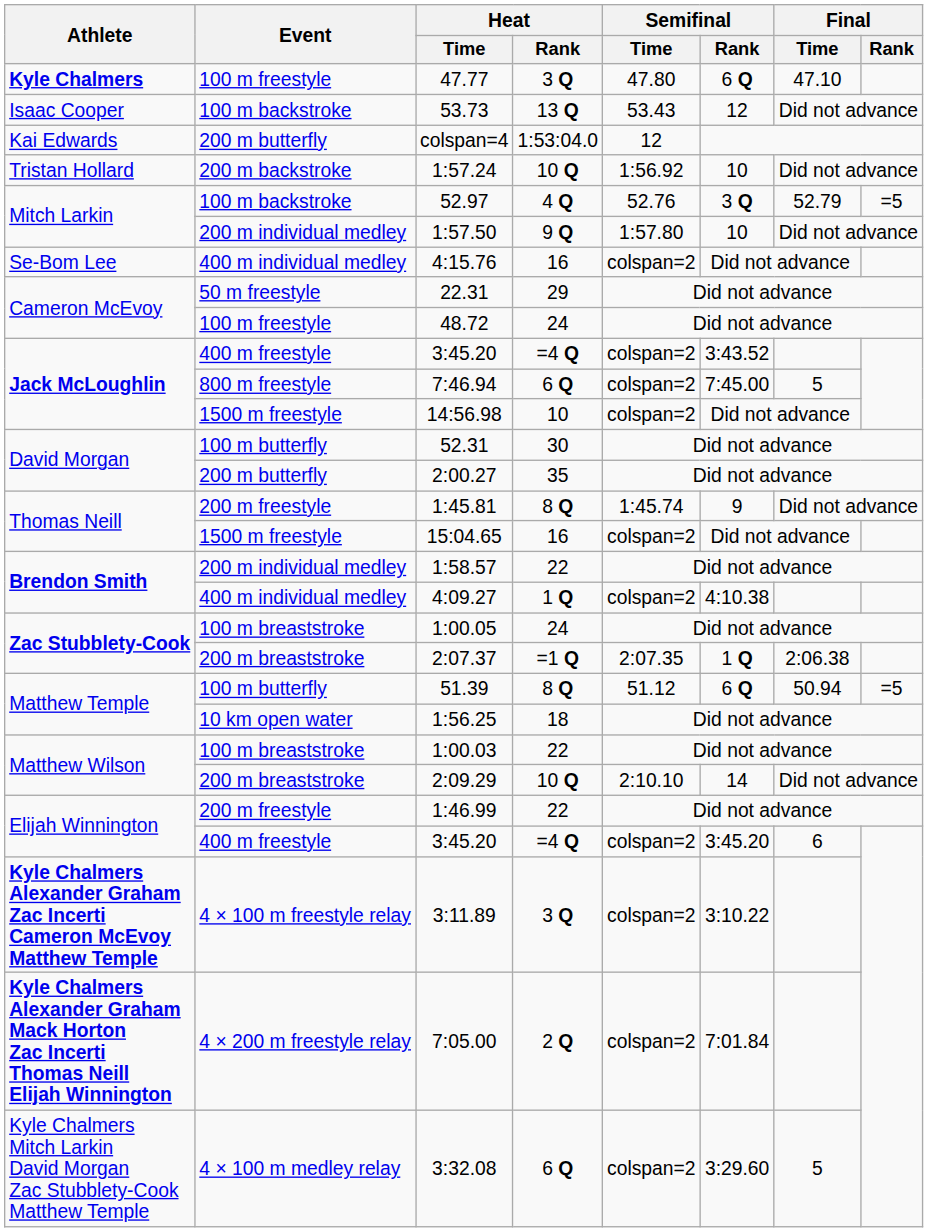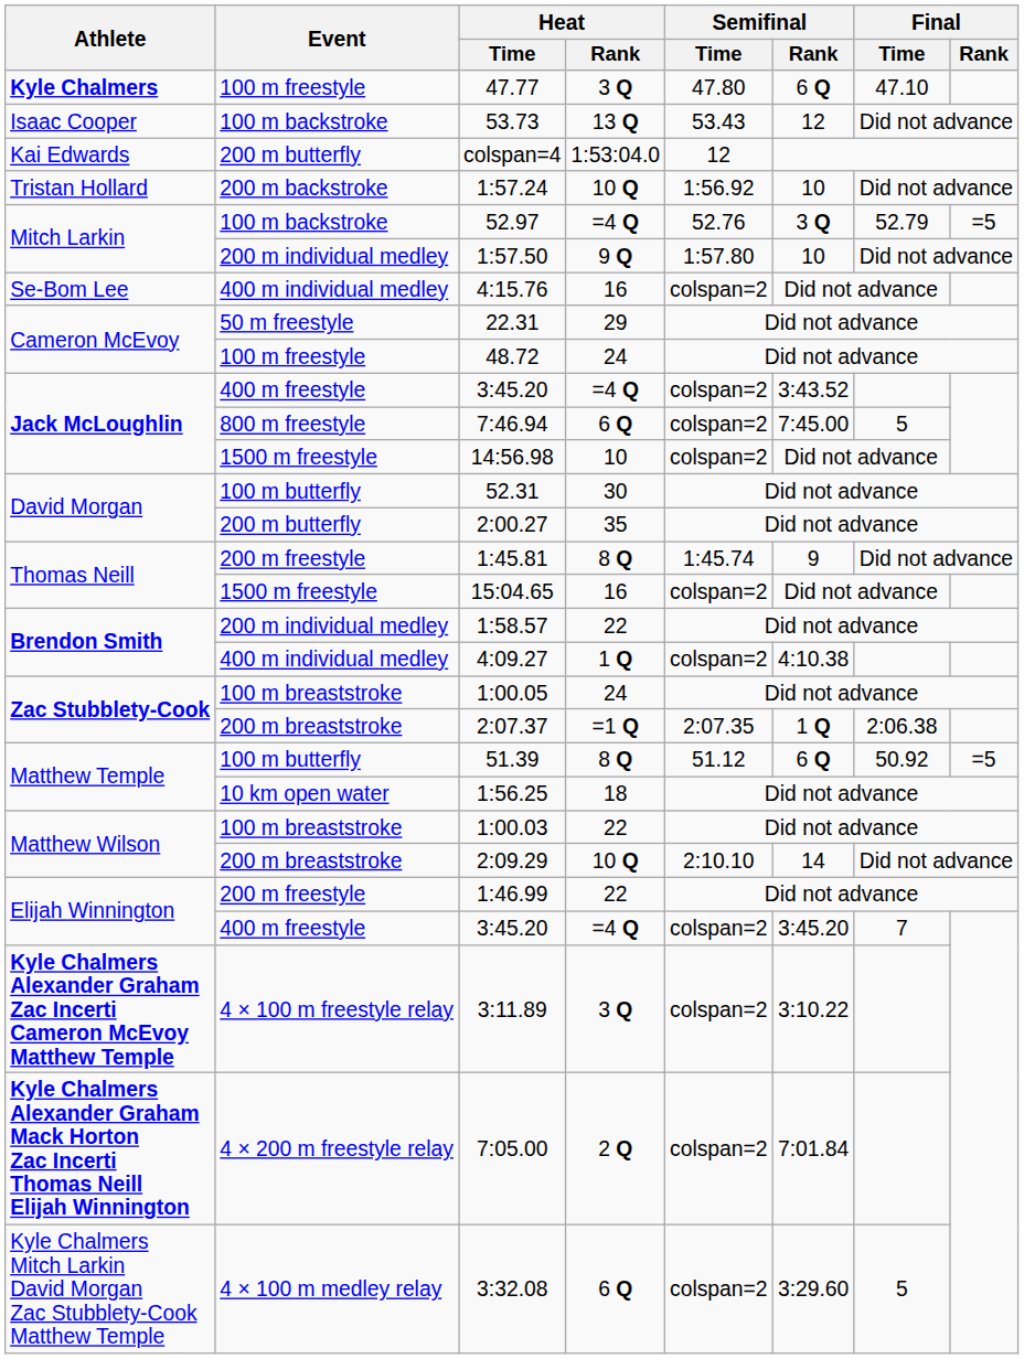 <table class=wikitable style=font-size:90%;text-align:center>
 <tr>
 <th rowspan=2>Athlete</th>
 <th rowspan=2>Event</th>
 <th colspan=2>Heat</th>
 <th colspan=2>Semifinal</th>
 <th colspan=2>Final</th>
 </tr>
 <tr style=font-size:95%>
 <th>Time</th>
 <th>Rank</th>
 <th>Time</th>
 <th>Rank</th>
 <th>Time</th>
 <th>Rank</th>
 </tr>
 <tr>
 <td align=left><strong><a href='#'>Kyle Chalmers</a></strong></td>
 <td align=left><a href='#'>100 m freestyle</a></td>
 <td>47.77</td>
 <td>3 <strong>Q</strong></td>
 <td>47.80</td>
 <td>6 <strong>Q</strong></td>
 <td>47.10</td>
 <td></td>
 </tr>
 <tr>
 <td align=left><a href='#'>Isaac Cooper</a></td>
 <td align=left><a href='#'>100 m backstroke</a></td>
 <td>53.73</td>
 <td>13 <strong>Q</strong></td>
 <td>53.43</td>
 <td>12</td>
 <td colspan="2">Did not advance</td>
 </tr>
 <tr>
 <td align=left><a href='#'>Kai Edwards</a></td>
 <td align=left><a href='#'>200 m butterfly</a></td>
 <td>colspan=4 </td>
 <td>1:53:04.0</td>
 <td>12</td>
 </tr>
 <tr>
 <td align=left><a href='#'>Tristan Hollard</a></td>
 <td align=left><a href='#'>200 m backstroke</a></td>
 <td>1:57.24</td>
 <td>10 <strong>Q</strong></td>
 <td>1:56.92</td>
 <td>10</td>
 <td colspan="2">Did not advance</td>
 </tr>
 <tr>
 <td align=left rowspan=2><a href='#'>Mitch Larkin</a></td>
 <td align=left><a href='#'>100 m backstroke</a></td>
 <td>52.97</td>
-<td>4 <strong>Q</strong></td>
+<td>=4 <strong>Q</strong></td>
 <td>52.76</td>
 <td>3 <strong>Q</strong></td>
 <td>52.79</td>
 <td>=5</td>
 </tr>
 <tr>
 <td align=left><a href='#'>200 m individual medley</a></td>
 <td>1:57.50</td>
 <td>9 <strong>Q</strong></td>
 <td>1:57.80</td>
 <td>10</td>
 <td colspan="2">Did not advance</td>
 </tr>
 <tr>
 <td align=left><a href='#'>Se-Bom Lee</a></td>
 <td align=left><a href='#'>400 m individual medley</a></td>
 <td>4:15.76</td>
 <td>16</td>
 <td>colspan=2 </td>
 <td colspan="2">Did not advance</td>
 </tr>
 <tr>
 <td align=left rowspan=2><a href='#'>Cameron McEvoy</a></td>
 <td align=left><a href='#'>50 m freestyle</a></td>
 <td>22.31</td>
 <td>29</td>
 <td colspan="4">Did not advance</td>
 </tr>
 <tr>
 <td align=left><a href='#'>100 m freestyle</a></td>
 <td>48.72</td>
 <td>24</td>
 <td colspan="4">Did not advance</td>
 </tr>
 <tr>
 <td align=left rowspan=3><strong><a href='#'>Jack McLoughlin</a></strong></td>
 <td align=left><a href='#'>400 m freestyle</a></td>
 <td>3:45.20</td>
 <td>=4 <strong>Q</strong></td>
 <td>colspan=2 </td>
 <td>3:43.52</td>
 <td></td>
 </tr>
 <tr>
 <td align=left><a href='#'>800 m freestyle</a></td>
 <td>7:46.94</td>
 <td>6 <strong>Q</strong></td>
 <td>colspan=2 </td>
 <td>7:45.00</td>
 <td>5</td>
 </tr>
 <tr>
 <td align=left><a href='#'>1500 m freestyle</a></td>
 <td>14:56.98</td>
 <td>10</td>
 <td>colspan=2 </td>
 <td colspan="2">Did not advance</td>
 </tr>
 <tr>
 <td align=left rowspan=2><a href='#'>David Morgan</a></td>
 <td align=left><a href='#'>100 m butterfly</a></td>
 <td>52.31</td>
 <td>30</td>
 <td colspan="4">Did not advance</td>
 </tr>
 <tr>
 <td align=left><a href='#'>200 m butterfly</a></td>
 <td>2:00.27</td>
 <td>35</td>
 <td colspan="4">Did not advance</td>
 </tr>
 <tr>
 <td align=left rowspan=2><a href='#'>Thomas Neill</a></td>
 <td align=left><a href='#'>200 m freestyle</a></td>
 <td>1:45.81</td>
 <td>8 <strong>Q</strong></td>
 <td>1:45.74</td>
 <td>9</td>
 <td colspan="2">Did not advance</td>
 </tr>
 <tr>
 <td align=left><a href='#'>1500 m freestyle</a></td>
 <td>15:04.65</td>
 <td>16</td>
 <td>colspan=2 </td>
 <td colspan="2">Did not advance</td>
 </tr>
 <tr>
 <td align=left rowspan=2><strong><a href='#'>Brendon Smith</a></strong></td>
 <td align=left><a href='#'>200 m individual medley</a></td>
 <td>1:58.57</td>
 <td>22</td>
 <td colspan="4">Did not advance</td>
 </tr>
 <tr>
 <td align=left><a href='#'>400 m individual medley</a></td>
 <td>4:09.27</td>
 <td>1 <strong>Q</strong></td>
 <td>colspan=2 </td>
 <td>4:10.38</td>
 <td></td>
 </tr>
 <tr>
 <td align=left rowspan=2><strong><a href='#'>Zac Stubblety-Cook</a></strong></td>
 <td align=left><a href='#'>100 m breaststroke</a></td>
 <td>1:00.05</td>
 <td>24</td>
 <td colspan="4">Did not advance</td>
 </tr>
 <tr>
 <td align=left><a href='#'>200 m breaststroke</a></td>
 <td>2:07.37</td>
 <td>=1 <strong>Q</strong></td>
 <td>2:07.35</td>
 <td>1 <strong>Q</strong></td>
 <td>2:06.38 </td>
 <td></td>
 </tr>
 <tr>
 <td align=left rowspan=2><a href='#'>Matthew Temple</a></td>
 <td align=left><a href='#'>100 m butterfly</a></td>
 <td>51.39</td>
 <td>8 <strong>Q</strong></td>
 <td>51.12</td>
 <td>6 <strong>Q</strong></td>
-<td>50.94</td>
+<td>50.92</td>
 <td>=5</td>
 </tr>
 <tr>
 <td align=left><a href='#'>10 km open water</a></td>
 <td>1:56.25</td>
 <td>18</td>
 <td colspan="4">Did not advance</td>
 </tr>
 <tr>
 <td align=left rowspan=2><a href='#'>Matthew Wilson</a></td>
 <td align=left><a href='#'>100 m breaststroke</a></td>
 <td>1:00.03</td>
 <td>22</td>
 <td colspan="5">Did not advance</td>
 </tr>
 <tr>
 <td align=left><a href='#'>200 m breaststroke</a></td>
 <td>2:09.29</td>
 <td>10 <strong>Q</strong></td>
 <td>2:10.10</td>
 <td>14</td>
 <td colspan="2">Did not advance</td>
 </tr>
 <tr>
 <td align=left rowspan=2><a href='#'>Elijah Winnington</a></td>
 <td align=left><a href='#'>200 m freestyle</a></td>
 <td>1:46.99</td>
 <td>22</td>
 <td colspan="4">Did not advance</td>
 </tr>
 <tr>
 <td align=left><a href='#'>400 m freestyle</a></td>
 <td>3:45.20</td>
 <td>=4 <strong>Q</strong></td>
 <td>colspan=2 </td>
 <td>3:45.20</td>
-<td>6</td>
+<td>7</td>
 </tr>
 <tr align=center>
 <td align=left><strong><a href='#'>Kyle Chalmers</a><br><a href='#'>Alexander Graham</a><br><a href='#'>Zac Incerti</a><br><a href='#'>Cameron McEvoy</a><br><a href='#'>Matthew Temple</a></strong></td>
 <td align=left><a href='#'>4 × 100 m freestyle relay</a></td>
 <td>3:11.89</td>
 <td>3 <strong>Q</strong></td>
 <td>colspan=2 </td>
 <td>3:10.22</td>
 <td></td>
 </tr>
 <tr align=center>
 <td align=left><strong><a href='#'>Kyle Chalmers</a><br><a href='#'>Alexander Graham</a><br><a href='#'>Mack Horton</a><br><a href='#'>Zac Incerti</a><br><a href='#'>Thomas Neill</a><br><a href='#'>Elijah Winnington</a></strong></td>
 <td align=left><a href='#'>4 × 200 m freestyle relay</a></td>
 <td>7:05.00</td>
 <td>2 <strong>Q</strong></td>
 <td>colspan=2 </td>
 <td>7:01.84</td>
 <td></td>
 </tr>
 <tr align=center>
 <td align=left><a href='#'>Kyle Chalmers</a><br><a href='#'>Mitch Larkin</a><br><a href='#'>David Morgan</a><br><a href='#'>Zac Stubblety-Cook</a><br><a href='#'>Matthew Temple</a></td>
 <td align=left><a href='#'>4 × 100 m medley relay</a></td>
 <td>3:32.08</td>
 <td>6 <strong>Q</strong></td>
 <td>colspan=2 </td>
 <td>3:29.60</td>
 <td>5</td>
 </tr>
 </table>
